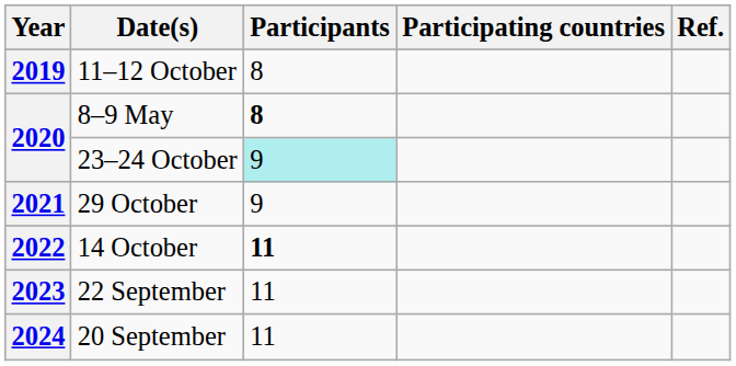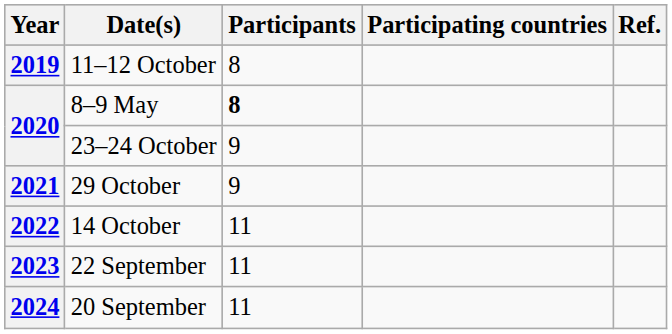 <table class="wikitable sortable plainrowheaders" style="font-size:95%">
 <tr>
 <th>Year</th>
 <th class="unsortable">Date(s)</th>
 <th>Participants</th>
 <th class="unsortable">Participating countries</th>
 <th class="unsortable">Ref.</th>
 </tr>
 <tr>
 <th scope="row"><a href='#'>2019</a></th>
 <td>11–12 October</td>
 <td>8</td>
 <td></td>
 <td></td>
 </tr>
 <tr>
 <th scope="row" rowspan="2"><a href='#'>2020</a></th>
 <td>8–9 May</td>
 <td><strong>8</strong></td>
 <td></td>
 <td></td>
 </tr>
 <tr>
 <td>23–24 October</td>
-<td style="background: paleturquoise;">9</td>
+<td>9</td>
 <td></td>
 <td></td>
 </tr>
 <tr>
 <th scope="row"><a href='#'>2021</a></th>
 <td>29 October</td>
 <td>9</td>
 <td></td>
 <td></td>
 </tr>
 <tr>
 <th scope="row"><a href='#'>2022</a></th>
 <td>14 October</td>
-<td><strong>11</strong></td>
+<td>11</td>
 <td></td>
 <td></td>
 </tr>
 <tr>
 <th scope="row"><a href='#'>2023</a></th>
 <td>22 September</td>
 <td>11</td>
 <td></td>
 <td></td>
 </tr>
 <tr>
 <th scope="row"><a href='#'>2024</a></th>
 <td>20 September</td>
 <td>11</td>
 <td></td>
 <td></td>
 </tr>
 </table>
